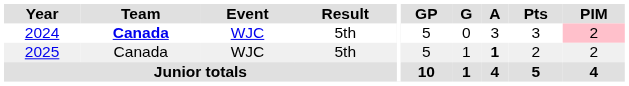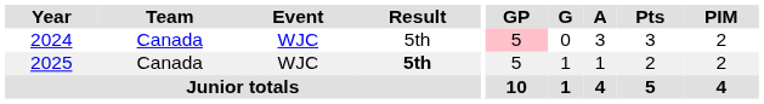 <table border="0" cellpadding="1" cellspacing="0" ID="Table3" style="text-align:center; width:40em">
 <tr bgcolor="#e0e0e0">
 <th>Year</th>
 <th>Team</th>
 <th>Event</th>
 <th>Result</th>
 <th rowspan="99" bgcolor="#ffffff"></th>
 <th>GP</th>
 <th>G</th>
 <th>A</th>
 <th>Pts</th>
 <th>PIM</th>
 </tr>
 <tr>
 <td><a href='#'>2024</a></td>
-<td><strong><a href='#'>Canada</a></strong></td>
+<td><a href='#'>Canada</a></td>
 <td><a href='#'>WJC</a></td>
 <td>5th</td>
-<td>5</td>
+<td style="background: pink;">5</td>
 <td>0</td>
 <td>3</td>
 <td>3</td>
-<td style="background: pink;">2</td>
+<td>2</td>
 </tr>
 <tr bgcolor="#f0f0f0">
 <td><a href='#'>2025</a></td>
 <td>Canada</td>
 <td>WJC</td>
-<td>5th</td>
+<td><strong>5th</strong></td>
 <td>5</td>
 <td>1</td>
-<td><strong>1</strong></td>
+<td>1</td>
 <td>2</td>
 <td>2</td>
 </tr>
 <tr bgcolor="#e0e0e0">
 <th colspan="4">Junior totals</th>
 <th>10</th>
 <th>1</th>
 <th>4</th>
 <th>5</th>
 <th>4</th>
 </tr>
 </table>
